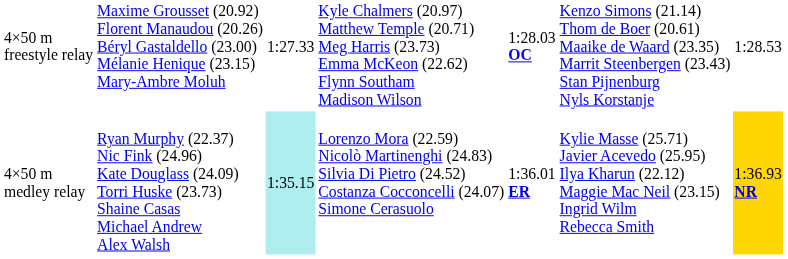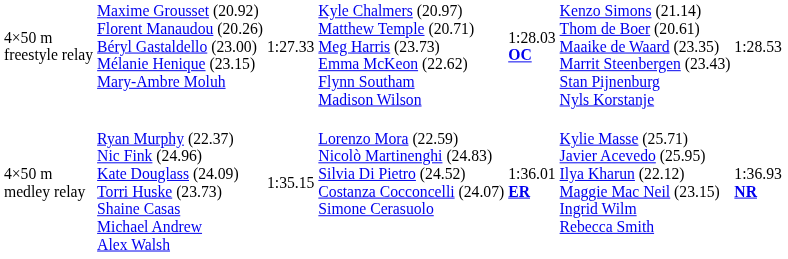 <table>
 <tr>
 <td>4×50 m<br>freestyle relay<br></td>
 <td valign=top><br><a href='#'>Maxime Grousset</a> (20.92)<br><a href='#'>Florent Manaudou</a> (20.26)<br><a href='#'>Béryl Gastaldello</a> (23.00)<br><a href='#'>Mélanie Henique</a> (23.15)<br><a href='#'>Mary-Ambre Moluh</a></td>
 <td>1:27.33<br></td>
 <td valign=top><br><a href='#'>Kyle Chalmers</a> (20.97)<br><a href='#'>Matthew Temple</a> (20.71)<br><a href='#'>Meg Harris</a> (23.73)<br><a href='#'>Emma McKeon</a> (22.62)<br><a href='#'>Flynn Southam</a><br><a href='#'>Madison Wilson</a></td>
 <td>1:28.03<br><strong><a href='#'>OC</a></strong></td>
 <td valign=top><br><a href='#'>Kenzo Simons</a> (21.14)<br><a href='#'>Thom de Boer</a> (20.61)<br><a href='#'>Maaike de Waard</a> (23.35)<br><a href='#'>Marrit Steenbergen</a> (23.43)<br><a href='#'>Stan Pijnenburg</a><br><a href='#'>Nyls Korstanje</a></td>
 <td>1:28.53</td>
 </tr>
 <tr>
 <td>4×50 m<br>medley relay<br></td>
 <td valign=top><br><a href='#'>Ryan Murphy</a> (22.37)<br><a href='#'>Nic Fink</a> (24.96)<br><a href='#'>Kate Douglass</a> (24.09)<br><a href='#'>Torri Huske</a> (23.73)<br><a href='#'>Shaine Casas</a><br><a href='#'>Michael Andrew</a><br><a href='#'>Alex Walsh</a></td>
-<td style="background: paleturquoise;">1:35.15<br></td>
+<td>1:35.15<br></td>
 <td valign=top><br><a href='#'>Lorenzo Mora</a> (22.59)<br><a href='#'>Nicolò Martinenghi</a> (24.83)<br><a href='#'>Silvia Di Pietro</a> (24.52)<br><a href='#'>Costanza Cocconcelli</a> (24.07)<br><a href='#'>Simone Cerasuolo</a></td>
 <td>1:36.01<br><strong><a href='#'>ER</a></strong></td>
 <td valign=top><br><a href='#'>Kylie Masse</a> (25.71)<br><a href='#'>Javier Acevedo</a> (25.95)<br><a href='#'>Ilya Kharun</a> (22.12)<br><a href='#'>Maggie Mac Neil</a> (23.15)<br><a href='#'>Ingrid Wilm</a><br><a href='#'>Rebecca Smith</a></td>
-<td style="background: gold;">1:36.93<br><strong><a href='#'>NR</a></strong></td>
+<td>1:36.93<br><strong><a href='#'>NR</a></strong></td>
 </tr>
 </table>
